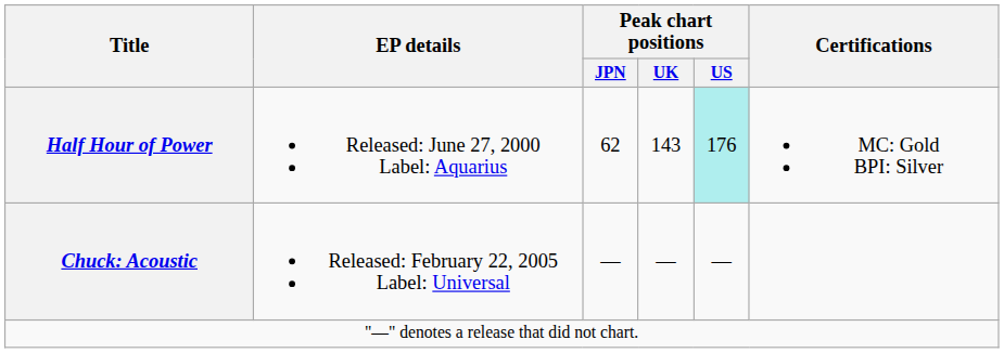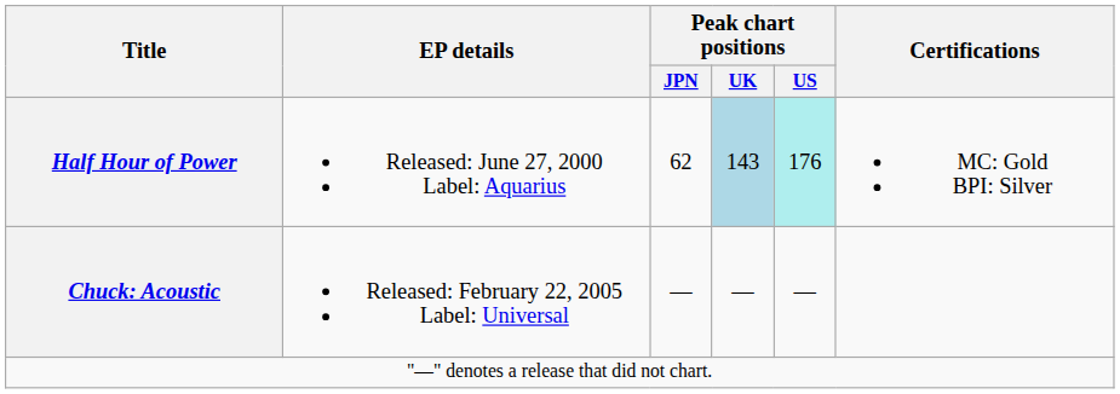 <table class="wikitable plainrowheaders" style="text-align:center;" border="1">
 <tr>
 <th scope="col" rowspan="2" style="width:12em;">Title</th>
 <th scope="col" rowspan="2" style="width:16em;">EP details</th>
 <th scope="col" colspan="3">Peak chart positions</th>
 <th scope="col" rowspan="2" style="width:12em;">Certifications</th>
 </tr>
 <tr>
 <th scope="col" style="width:2.8em;font-size:85%;"><a href='#'>JPN</a><br></th>
 <th scope="col" style="width:2.8em;font-size:85%;"><a href='#'>UK</a><br></th>
 <th scope="col" style="width:2.8em;font-size:85%;"><a href='#'>US</a><br></th>
 </tr>
 <tr>
 <th scope="row"><em><a href='#'>Half Hour of Power</a></em></th>
 <td><br><ul><li>Released: June 27, 2000</li><li>Label: <a href='#'>Aquarius</a></li></ul></td>
 <td>62</td>
-<td>143</td>
+<td style="background: lightblue;">143</td>
 <td style="background: paleturquoise;">176</td>
 <td><br><ul><li>MC: Gold</li><li>BPI: Silver</li></ul></td>
 </tr>
 <tr>
 <th scope="row"><em><a href='#'>Chuck: Acoustic</a></em></th>
 <td><br><ul><li>Released: February 22, 2005</li><li>Label: <a href='#'>Universal</a></li></ul></td>
 <td>—</td>
 <td>—</td>
 <td>—</td>
 <td></td>
 </tr>
 <tr>
 <td colspan="10" style="text-align:center; font-size:85%">"—" denotes a release that did not chart.</td>
 </tr>
 </table>
